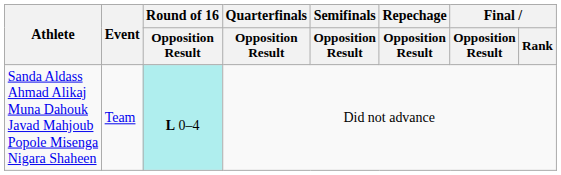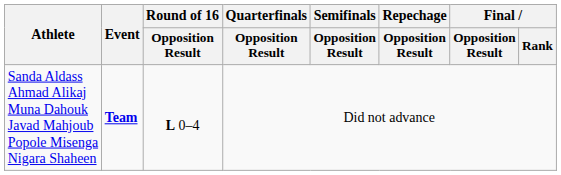 <table class="wikitable" style="font-size:90%">
 <tr>
 <th rowspan="2">Athlete</th>
 <th rowspan="2">Event</th>
 <th>Round of 16</th>
 <th>Quarterfinals</th>
 <th>Semifinals</th>
 <th>Repechage</th>
 <th colspan=2>Final / </th>
 </tr>
 <tr style="font-size:95%">
 <th>Opposition<br>Result</th>
 <th>Opposition<br>Result</th>
 <th>Opposition<br>Result</th>
 <th>Opposition<br>Result</th>
 <th>Opposition<br>Result</th>
 <th>Rank</th>
 </tr>
 <tr align=center>
 <td align=left><a href='#'>Sanda Aldass</a><br><a href='#'>Ahmad Alikaj</a><br><a href='#'>Muna Dahouk</a><br><a href='#'>Javad Mahjoub</a><br><a href='#'>Popole Misenga</a><br><a href='#'>Nigara Shaheen</a></td>
-<td align=left><a href='#'>Team</a></td>
-<td style="background: paleturquoise;"><br><strong>L</strong> 0–4</td>
+<td align=left><strong><a href='#'>Team</a></strong></td>
+<td><br><strong>L</strong> 0–4</td>
 <td colspan=5>Did not advance</td>
 </tr>
 </table>
